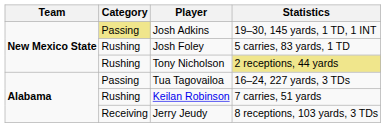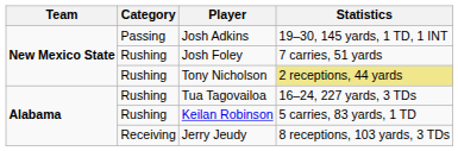 <table class="wikitable" style="float: right;">
 <tr>
 <th>Team</th>
 <th>Category</th>
 <th>Player</th>
 <th>Statistics</th>
 </tr>
 <tr>
 <td rowspan=3><strong>New Mexico State</strong></td>
-<td style="background: khaki;">Passing</td>
+<td>Passing</td>
 <td>Josh Adkins</td>
 <td>19–30, 145 yards, 1 TD, 1 INT</td>
 </tr>
 <tr>
 <td>Rushing</td>
 <td>Josh Foley</td>
-<td>5 carries, 83 yards, 1 TD</td>
+<td>7 carries, 51 yards</td>
 </tr>
 <tr>
 <td>Rushing</td>
 <td>Tony Nicholson</td>
 <td style="background: khaki;">2 receptions, 44 yards</td>
 </tr>
 <tr>
 <td rowspan=3><strong>Alabama</strong></td>
-<td>Passing</td>
+<td>Rushing</td>
 <td>Tua Tagovailoa</td>
 <td>16–24, 227 yards, 3 TDs</td>
 </tr>
 <tr>
 <td>Rushing</td>
 <td><a href='#'>Keilan Robinson</a></td>
-<td>7 carries, 51 yards</td>
+<td>5 carries, 83 yards, 1 TD</td>
 </tr>
 <tr>
 <td>Receiving</td>
 <td>Jerry Jeudy</td>
 <td>8 receptions, 103 yards, 3 TDs</td>
 </tr>
 </table>
